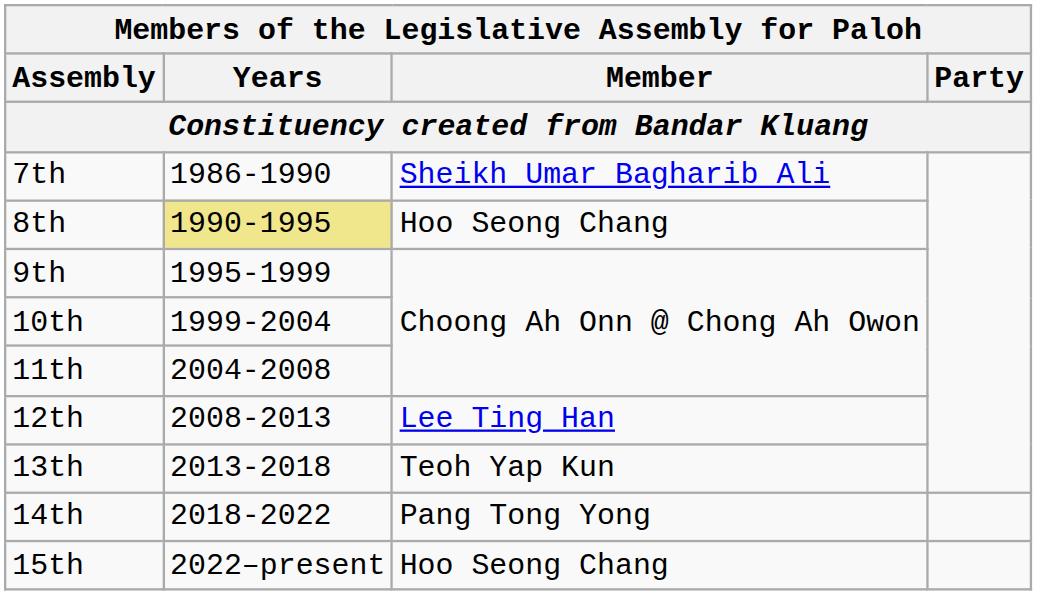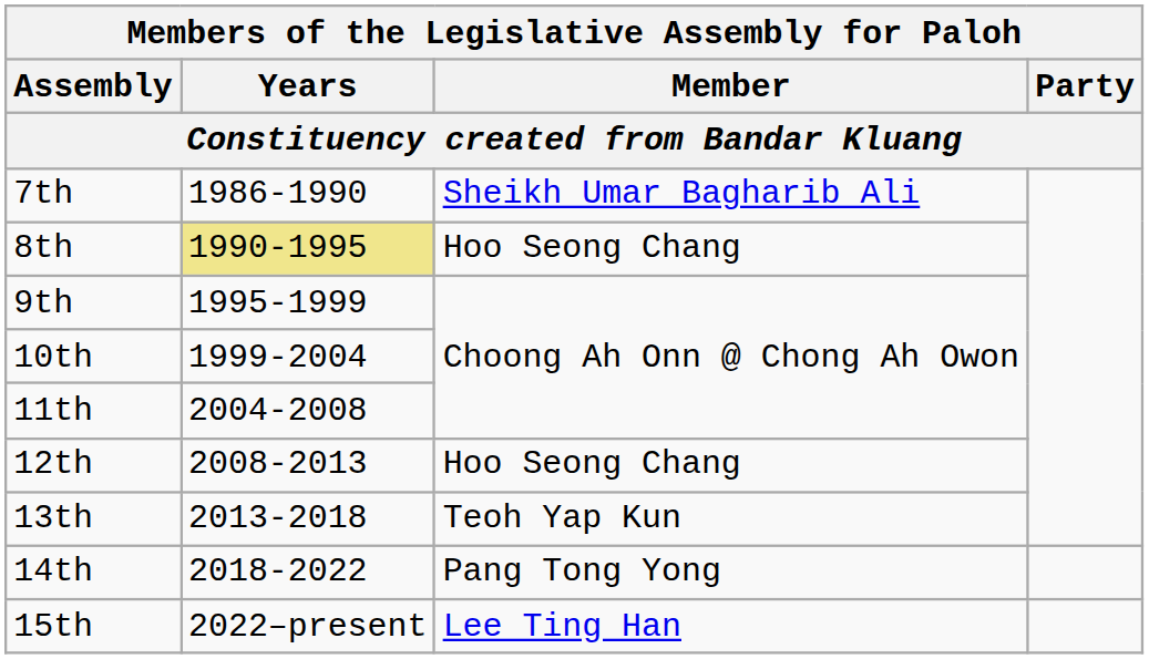 <table class=wikitable>
 <tr>
 <th colspan=4>Members of the Legislative Assembly for Paloh</th>
 </tr>
 <tr>
 <th>Assembly</th>
 <th>Years</th>
 <th>Member</th>
 <th>Party</th>
 </tr>
 <tr>
 <th colspan=4 align=center><em>Constituency created from Bandar Kluang</em></th>
 </tr>
 <tr>
 <td>7th</td>
 <td>1986-1990</td>
 <td><a href='#'>Sheikh Umar Bagharib Ali</a></td>
 <td rowspan="7"></td>
 </tr>
 <tr>
 <td>8th</td>
 <td style="background: khaki;">1990-1995</td>
 <td>Hoo Seong Chang</td>
 </tr>
 <tr>
 <td>9th</td>
 <td>1995-1999</td>
 <td rowspan="3">Choong Ah Onn @ Chong Ah Owon</td>
 </tr>
 <tr>
 <td>10th</td>
 <td>1999-2004</td>
 </tr>
 <tr>
 <td>11th</td>
 <td>2004-2008</td>
 </tr>
 <tr>
 <td>12th</td>
 <td>2008-2013</td>
-<td><a href='#'>Lee Ting Han</a></td>
+<td>Hoo Seong Chang</td>
 </tr>
 <tr>
 <td>13th</td>
 <td>2013-2018</td>
 <td>Teoh Yap Kun</td>
 </tr>
 <tr>
 <td>14th</td>
 <td>2018-2022</td>
 <td>Pang Tong Yong</td>
 <td></td>
 </tr>
 <tr>
 <td>15th</td>
 <td>2022–present</td>
-<td>Hoo Seong Chang</td>
+<td><a href='#'>Lee Ting Han</a></td>
 <td></td>
 </tr>
 </table>
